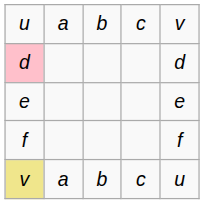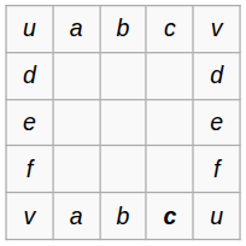 <table class="wikitable" style="margin-left:auto;margin-right:auto;text-align:center;width:10em;height:10em;table-layout:fixed;">
 <tr>
 <td><em>u</em></td>
 <td><em>a</em></td>
 <td><em>b</em></td>
 <td><em>c</em></td>
 <td><em>v</em></td>
 </tr>
 <tr>
-<td style="background: pink;"><em>d</em></td>
+<td><em>d</em></td>
 <td></td>
 <td></td>
 <td></td>
 <td><em>d</em></td>
 </tr>
 <tr>
 <td><em>e</em></td>
 <td></td>
 <td></td>
 <td></td>
 <td><em>e</em></td>
 </tr>
 <tr>
 <td><em>f</em></td>
 <td></td>
 <td></td>
 <td></td>
 <td><em>f</em></td>
 </tr>
 <tr>
-<td style="background: khaki;"><em>v</em></td>
+<td><em>v</em></td>
 <td><em>a</em></td>
 <td><em>b</em></td>
-<td><em>c</em></td>
+<td><strong><em>c</em></strong></td>
 <td><em>u</em></td>
 </tr>
 </table>
